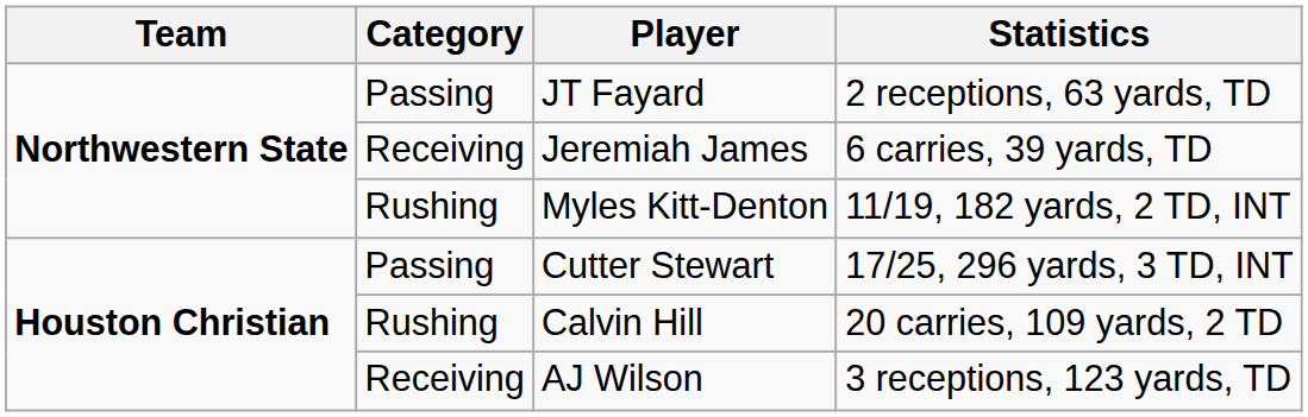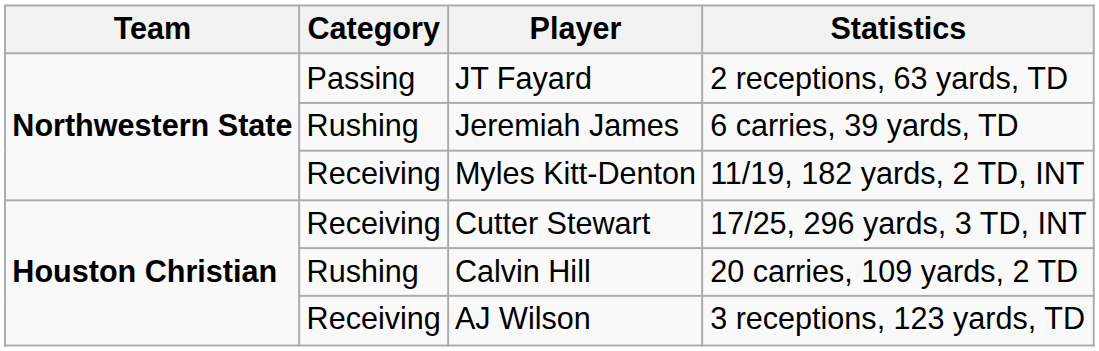 <table class="wikitable" style="float: right;">
 <tr>
 <th>Team</th>
 <th>Category</th>
 <th>Player</th>
 <th>Statistics</th>
 </tr>
 <tr>
 <td rowspan=3><strong>Northwestern State</strong></td>
 <td>Passing</td>
 <td>JT Fayard</td>
 <td>2 receptions, 63 yards, TD</td>
 </tr>
 <tr>
-<td>Receiving</td>
+<td>Rushing</td>
 <td>Jeremiah James</td>
 <td>6 carries, 39 yards, TD</td>
 </tr>
 <tr>
-<td>Rushing</td>
+<td>Receiving</td>
 <td>Myles Kitt-Denton</td>
 <td>11/19, 182 yards, 2 TD, INT</td>
 </tr>
 <tr>
 <td rowspan=3><strong>Houston Christian</strong></td>
-<td>Passing</td>
+<td>Receiving</td>
 <td>Cutter Stewart</td>
 <td>17/25, 296 yards, 3 TD, INT</td>
 </tr>
 <tr>
 <td>Rushing</td>
 <td>Calvin Hill</td>
 <td>20 carries, 109 yards, 2 TD</td>
 </tr>
 <tr>
 <td>Receiving</td>
 <td>AJ Wilson</td>
 <td>3 receptions, 123 yards, TD</td>
 </tr>
 </table>
